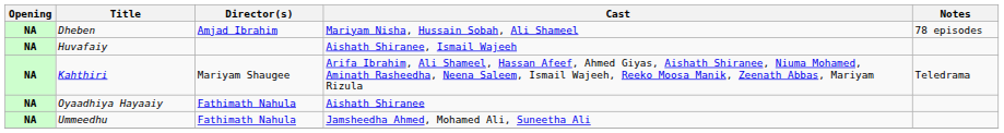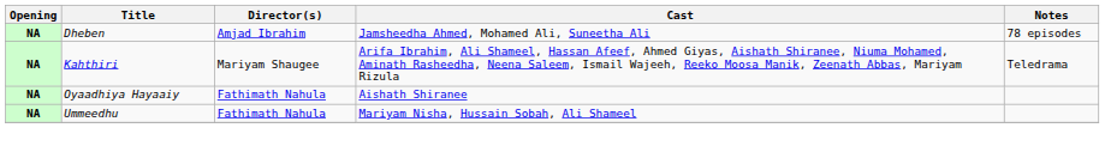 <table class="wikitable plainrowheaders" width="100%">
 <tr>
 <th scope="col" width="4%">Opening</th>
 <th scope="col" width=13%>Title</th>
 <th scope="col" width=12%>Director(s)</th>
 <th scope="col" width=55%>Cast</th>
 <th scope="col" width=8%>Notes</th>
 </tr>
 <tr>
 <td style="text-align:center; textcolor:#000; background:#cdfecd;"><strong>NA</strong></td>
 <td><em>Dheben</em></td>
 <td><a href='#'>Amjad Ibrahim</a></td>
-<td><a href='#'>Mariyam Nisha</a>, <a href='#'>Hussain Sobah</a>, <a href='#'>Ali Shameel</a></td>
+<td><a href='#'>Jamsheedha Ahmed</a>, Mohamed Ali, <a href='#'>Suneetha Ali</a></td>
 <td>78 episodes</td>
-</tr>
-<tr>
-<td style="text-align:center; textcolor:#000; background:#cdfecd;"><strong>NA</strong></td>
-<td><em>Huvafaiy</em></td>
-<td></td>
-<td><a href='#'>Aishath Shiranee</a>, <a href='#'>Ismail Wajeeh</a></td>
-<td></td>
 </tr>
 <tr>
 <td style="text-align:center; textcolor:#000; background:#cdfecd;"><strong>NA</strong></td>
 <td><em><a href='#'>Kahthiri</a></em></td>
 <td>Mariyam Shaugee</td>
 <td><a href='#'>Arifa Ibrahim</a>, <a href='#'>Ali Shameel</a>, <a href='#'>Hassan Afeef</a>, Ahmed Giyas, <a href='#'>Aishath Shiranee</a>, <a href='#'>Niuma Mohamed</a>, <a href='#'>Aminath Rasheedha</a>, <a href='#'>Neena Saleem</a>, Ismail Wajeeh, <a href='#'>Reeko Moosa Manik</a>, <a href='#'>Zeenath Abbas</a>, Mariyam Rizula</td>
 <td>Teledrama</td>
 </tr>
 <tr>
 <td style="text-align:center; textcolor:#000; background:#cdfecd;"><strong>NA</strong></td>
 <td><em>Oyaadhiya Hayaaiy</em></td>
 <td><a href='#'>Fathimath Nahula</a></td>
 <td><a href='#'>Aishath Shiranee</a></td>
 <td></td>
 </tr>
 <tr>
 <td style="text-align:center; textcolor:#000; background:#cdfecd;"><strong>NA</strong></td>
 <td><em>Ummeedhu</em></td>
 <td><a href='#'>Fathimath Nahula</a></td>
-<td><a href='#'>Jamsheedha Ahmed</a>, Mohamed Ali, <a href='#'>Suneetha Ali</a></td>
+<td><a href='#'>Mariyam Nisha</a>, <a href='#'>Hussain Sobah</a>, <a href='#'>Ali Shameel</a></td>
 <td></td>
 </tr>
 <tr>
 </tr>
 </table>
